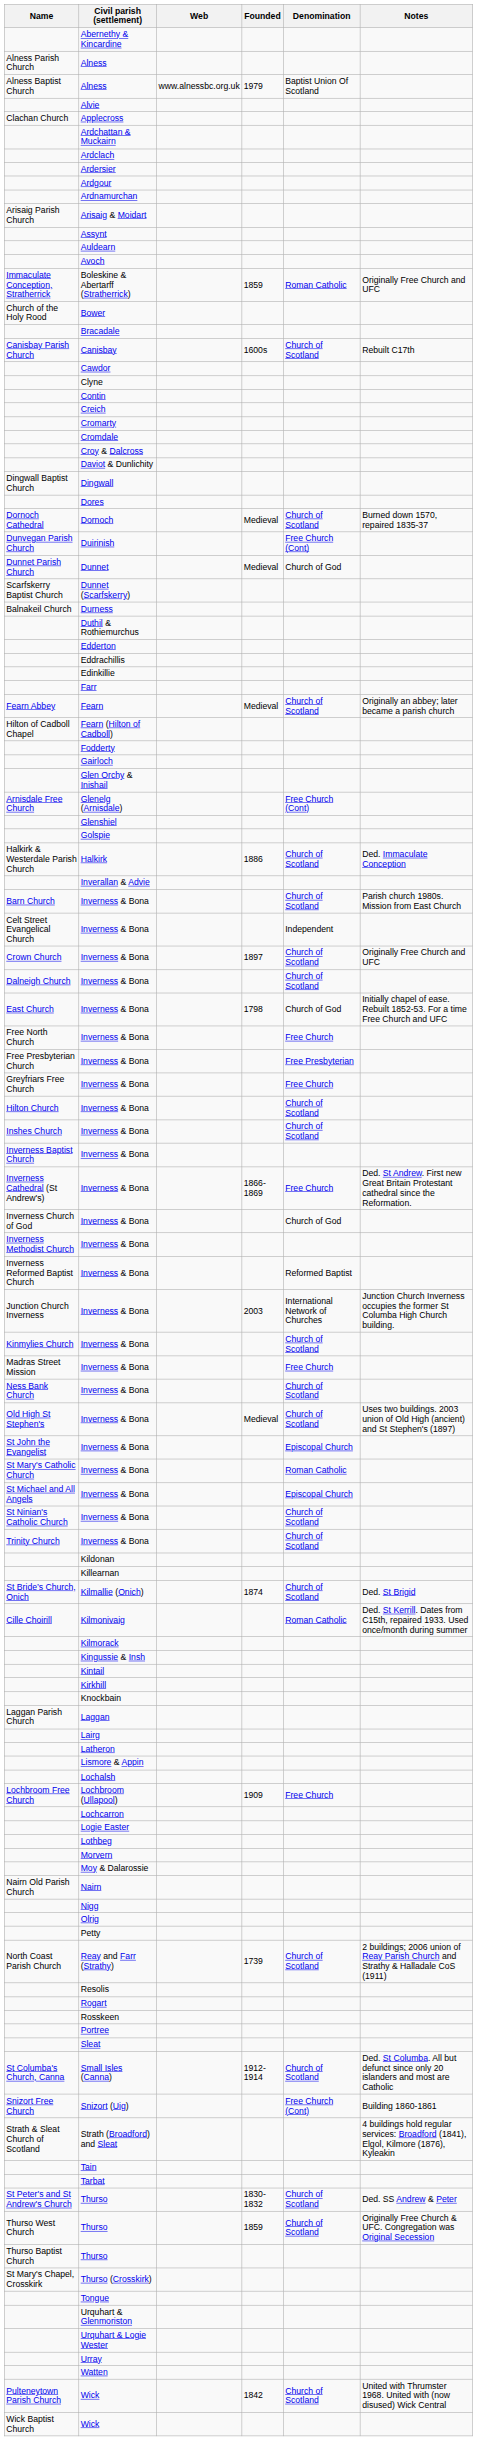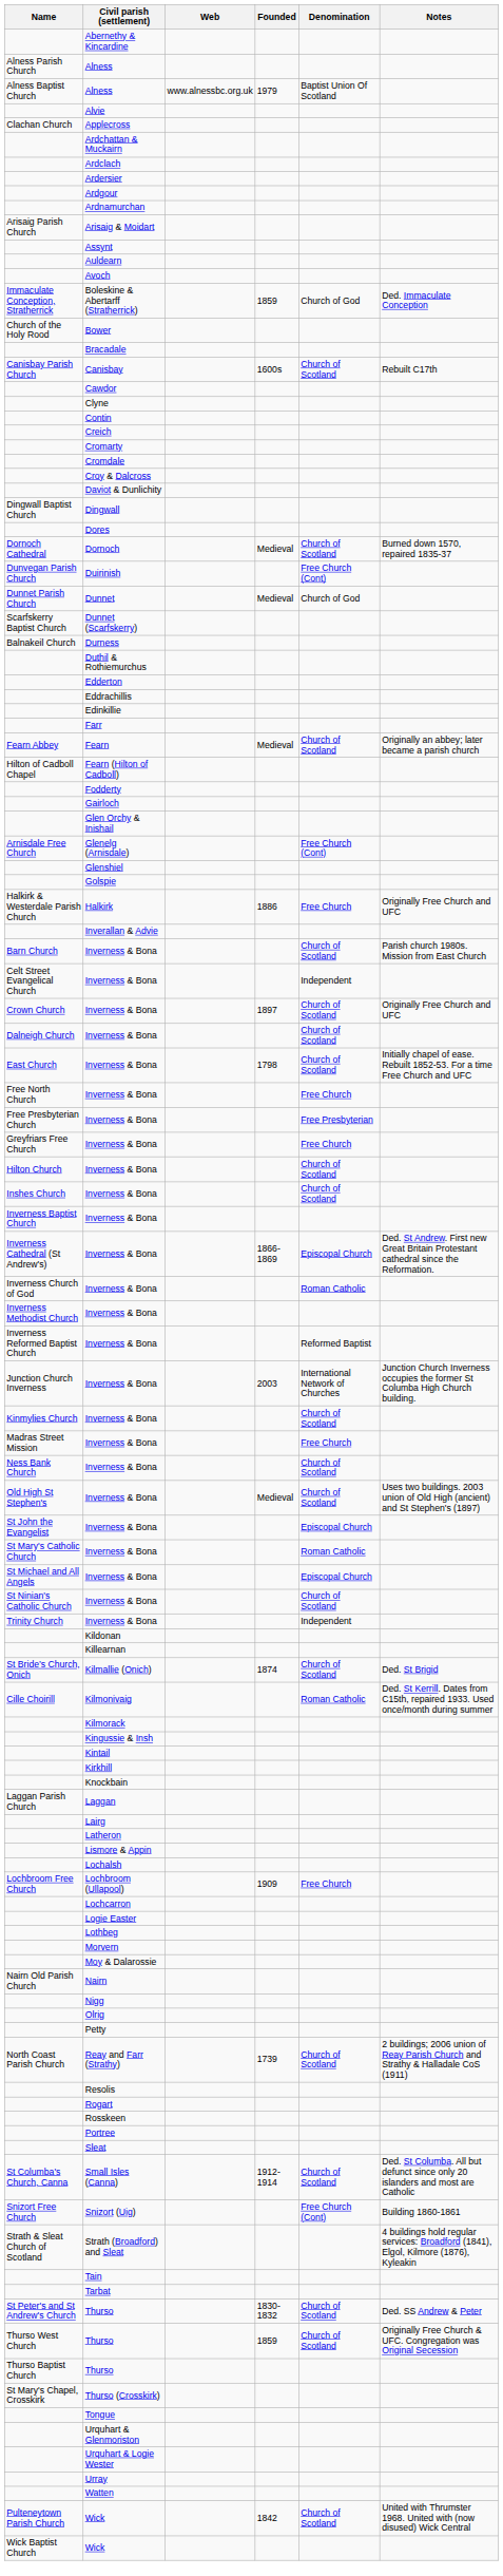 <table class="wikitable sortable">
 <tr>
 <th scope="col">Name</th>
 <th>Civil parish (settlement)</th>
 <th>Web</th>
 <th scope="col">Founded</th>
 <th scope="col">Denomination</th>
 <th>Notes</th>
 </tr>
 <tr>
 <td></td>
 <td><a href='#'>Abernethy & Kincardine</a></td>
 <td></td>
 <td></td>
 <td></td>
 <td></td>
 </tr>
 <tr>
 <td>Alness Parish Church</td>
 <td><a href='#'>Alness</a></td>
 <td></td>
 <td></td>
 <td></td>
 <td></td>
 </tr>
 <tr>
 <td>Alness Baptist Church</td>
 <td><a href='#'>Alness</a></td>
 <td>www.alnessbc.org.uk</td>
 <td>1979</td>
 <td>Baptist Union Of Scotland</td>
 <td></td>
 </tr>
 <tr>
 <td></td>
 <td><a href='#'>Alvie</a></td>
 <td></td>
 <td></td>
 <td></td>
 <td></td>
 </tr>
 <tr>
 <td>Clachan Church</td>
 <td><a href='#'>Applecross</a></td>
 <td></td>
 <td></td>
 <td></td>
 <td></td>
 </tr>
 <tr>
 <td></td>
 <td><a href='#'>Ardchattan & Muckairn</a></td>
 <td></td>
 <td></td>
 <td></td>
 <td></td>
 </tr>
 <tr>
 <td></td>
 <td><a href='#'>Ardclach</a></td>
 <td></td>
 <td></td>
 <td></td>
 <td></td>
 </tr>
 <tr>
 <td></td>
 <td><a href='#'>Ardersier</a></td>
 <td></td>
 <td></td>
 <td></td>
 <td></td>
 </tr>
 <tr>
 <td></td>
 <td><a href='#'>Ardgour</a></td>
 <td></td>
 <td></td>
 <td></td>
 <td></td>
 </tr>
 <tr>
 <td></td>
 <td><a href='#'>Ardnamurchan</a></td>
 <td></td>
 <td></td>
 <td></td>
 <td></td>
 </tr>
 <tr>
 <td>Arisaig Parish Church</td>
 <td><a href='#'>Arisaig</a> & <a href='#'>Moidart</a></td>
 <td></td>
 <td></td>
 <td></td>
 <td></td>
 </tr>
 <tr>
 <td></td>
 <td><a href='#'>Assynt</a></td>
 <td></td>
 <td></td>
 <td></td>
 <td></td>
 </tr>
 <tr>
 <td></td>
 <td><a href='#'>Auldearn</a></td>
 <td></td>
 <td></td>
 <td></td>
 <td></td>
 </tr>
 <tr>
 <td></td>
 <td><a href='#'>Avoch</a></td>
 <td></td>
 <td></td>
 <td></td>
 <td></td>
 </tr>
 <tr>
 <td><a href='#'>Immaculate Conception, Stratherrick</a></td>
 <td>Boleskine & Abertarff (<a href='#'>Stratherrick</a>)</td>
 <td></td>
 <td>1859</td>
-<td><a href='#'>Roman Catholic</a></td>
-<td>Originally Free Church and UFC</td>
+<td>Church of God</td>
+<td>Ded. <a href='#'>Immaculate Conception</a></td>
 </tr>
 <tr>
 <td>Church of the Holy Rood</td>
 <td><a href='#'>Bower</a></td>
 <td></td>
 <td></td>
 <td></td>
 <td></td>
 </tr>
 <tr>
 <td></td>
 <td><a href='#'>Bracadale</a></td>
 <td></td>
 <td></td>
 <td></td>
 <td></td>
 </tr>
 <tr>
 <td><a href='#'>Canisbay Parish Church</a></td>
 <td><a href='#'>Canisbay</a></td>
 <td></td>
 <td>1600s</td>
 <td><a href='#'>Church of Scotland</a></td>
 <td>Rebuilt C17th</td>
 </tr>
 <tr>
 <td></td>
 <td><a href='#'>Cawdor</a></td>
 <td></td>
 <td></td>
 <td></td>
 <td></td>
 </tr>
 <tr>
 <td></td>
 <td>Clyne</td>
 <td></td>
 <td></td>
 <td></td>
 <td></td>
 </tr>
 <tr>
 <td></td>
 <td><a href='#'>Contin</a></td>
 <td></td>
 <td></td>
 <td></td>
 <td></td>
 </tr>
 <tr>
 <td></td>
 <td><a href='#'>Creich</a></td>
 <td></td>
 <td></td>
 <td></td>
 <td></td>
 </tr>
 <tr>
 <td></td>
 <td><a href='#'>Cromarty</a></td>
 <td></td>
 <td></td>
 <td></td>
 <td></td>
 </tr>
 <tr>
 <td></td>
 <td><a href='#'>Cromdale</a></td>
 <td></td>
 <td></td>
 <td></td>
 <td></td>
 </tr>
 <tr>
 <td></td>
 <td><a href='#'>Croy</a> & <a href='#'>Dalcross</a></td>
 <td></td>
 <td></td>
 <td></td>
 <td></td>
 </tr>
 <tr>
 <td></td>
 <td><a href='#'>Daviot</a> & Dunlichity</td>
 <td></td>
 <td></td>
 <td></td>
 <td></td>
 </tr>
 <tr>
 <td>Dingwall Baptist Church</td>
 <td><a href='#'>Dingwall</a></td>
 <td></td>
 <td></td>
 <td></td>
 <td></td>
 </tr>
 <tr>
 <td></td>
 <td><a href='#'>Dores</a></td>
 <td></td>
 <td></td>
 <td></td>
 <td></td>
 </tr>
 <tr>
 <td><a href='#'>Dornoch Cathedral</a></td>
 <td><a href='#'>Dornoch</a></td>
 <td></td>
 <td>Medieval</td>
 <td><a href='#'>Church of Scotland</a></td>
 <td>Burned down 1570, repaired 1835-37</td>
 </tr>
 <tr>
 <td><a href='#'>Dunvegan Parish Church</a></td>
 <td><a href='#'>Duirinish</a></td>
 <td></td>
 <td></td>
 <td><a href='#'>Free Church (Cont)</a></td>
 <td></td>
 </tr>
 <tr>
 <td><a href='#'>Dunnet Parish Church</a></td>
 <td><a href='#'>Dunnet</a></td>
 <td></td>
 <td>Medieval</td>
 <td>Church of God</td>
 <td></td>
 </tr>
 <tr>
 <td>Scarfskerry Baptist Church</td>
 <td><a href='#'>Dunnet</a> (<a href='#'>Scarfskerry</a>)</td>
 <td></td>
 <td></td>
 <td></td>
 <td></td>
 </tr>
 <tr>
 <td>Balnakeil Church</td>
 <td><a href='#'>Durness</a></td>
 <td></td>
 <td></td>
 <td></td>
 <td></td>
 </tr>
 <tr>
 <td></td>
 <td><a href='#'>Duthil</a> & Rothiemurchus</td>
 <td></td>
 <td></td>
 <td></td>
 <td></td>
 </tr>
 <tr>
 <td></td>
 <td><a href='#'>Edderton</a></td>
 <td></td>
 <td></td>
 <td></td>
 <td></td>
 </tr>
 <tr>
 <td></td>
 <td>Eddrachillis</td>
 <td></td>
 <td></td>
 <td></td>
 <td></td>
 </tr>
 <tr>
 <td></td>
 <td>Edinkillie</td>
 <td></td>
 <td></td>
 <td></td>
 <td></td>
 </tr>
 <tr>
 <td></td>
 <td><a href='#'>Farr</a></td>
 <td></td>
 <td></td>
 <td></td>
 <td></td>
 </tr>
 <tr>
 <td><a href='#'>Fearn Abbey</a></td>
 <td><a href='#'>Fearn</a></td>
 <td></td>
 <td>Medieval</td>
 <td><a href='#'>Church of Scotland</a></td>
 <td>Originally an abbey; later became a parish church</td>
 </tr>
 <tr>
 <td>Hilton of Cadboll Chapel</td>
 <td><a href='#'>Fearn</a> (<a href='#'>Hilton of Cadboll</a>)</td>
 <td></td>
 <td></td>
 <td></td>
 <td></td>
 </tr>
 <tr>
 <td></td>
 <td><a href='#'>Fodderty</a></td>
 <td></td>
 <td></td>
 <td></td>
 <td></td>
 </tr>
 <tr>
 <td></td>
 <td><a href='#'>Gairloch</a></td>
 <td></td>
 <td></td>
 <td></td>
 <td></td>
 </tr>
 <tr>
 <td></td>
 <td><a href='#'>Glen Orchy</a> & <a href='#'>Inishail</a></td>
 <td></td>
 <td></td>
 <td></td>
 <td></td>
 </tr>
 <tr>
 <td><a href='#'>Arnisdale Free Church</a></td>
 <td><a href='#'>Glenelg</a> (<a href='#'>Arnisdale</a>)</td>
 <td></td>
 <td></td>
 <td><a href='#'>Free Church (Cont)</a></td>
 <td></td>
 </tr>
 <tr>
 <td></td>
 <td><a href='#'>Glenshiel</a></td>
 <td></td>
 <td></td>
 <td></td>
 <td></td>
 </tr>
 <tr>
 <td></td>
 <td><a href='#'>Golspie</a></td>
 <td></td>
 <td></td>
 <td></td>
 <td></td>
 </tr>
 <tr>
 <td>Halkirk & Westerdale Parish Church</td>
 <td><a href='#'>Halkirk</a></td>
 <td></td>
 <td>1886</td>
-<td><a href='#'>Church of Scotland</a></td>
-<td>Ded. <a href='#'>Immaculate Conception</a></td>
+<td><a href='#'>Free Church</a></td>
+<td>Originally Free Church and UFC</td>
 </tr>
 <tr>
 <td></td>
 <td><a href='#'>Inverallan</a> & <a href='#'>Advie</a></td>
 <td></td>
 <td></td>
 <td></td>
 <td></td>
 </tr>
 <tr>
 <td><a href='#'>Barn Church</a></td>
 <td><a href='#'>Inverness</a> & Bona</td>
 <td></td>
 <td></td>
 <td><a href='#'>Church of Scotland</a></td>
 <td>Parish church 1980s. Mission from East Church</td>
 </tr>
 <tr>
 <td>Celt Street Evangelical Church</td>
 <td><a href='#'>Inverness</a> & Bona</td>
 <td></td>
 <td></td>
 <td>Independent</td>
 <td></td>
 </tr>
 <tr>
 <td><a href='#'>Crown Church</a></td>
 <td><a href='#'>Inverness</a> & Bona</td>
 <td></td>
 <td>1897</td>
 <td><a href='#'>Church of Scotland</a></td>
 <td>Originally Free Church and UFC</td>
 </tr>
 <tr>
 <td><a href='#'>Dalneigh Church</a></td>
 <td><a href='#'>Inverness</a> & Bona</td>
 <td></td>
 <td></td>
 <td><a href='#'>Church of Scotland</a></td>
 <td></td>
 </tr>
 <tr>
 <td><a href='#'>East Church</a></td>
 <td><a href='#'>Inverness</a> & Bona</td>
 <td></td>
 <td>1798</td>
-<td>Church of God</td>
+<td><a href='#'>Church of Scotland</a></td>
 <td>Initially chapel of ease. Rebuilt 1852-53. For a time Free Church and UFC</td>
 </tr>
 <tr>
 <td>Free North Church</td>
 <td><a href='#'>Inverness</a> & Bona</td>
 <td></td>
 <td></td>
 <td><a href='#'>Free Church</a></td>
 <td></td>
 </tr>
 <tr>
 <td>Free Presbyterian Church</td>
 <td><a href='#'>Inverness</a> & Bona</td>
 <td></td>
 <td></td>
 <td><a href='#'>Free Presbyterian</a></td>
 <td></td>
 </tr>
 <tr>
 <td>Greyfriars Free Church</td>
 <td><a href='#'>Inverness</a> & Bona</td>
 <td></td>
 <td></td>
 <td><a href='#'>Free Church</a></td>
 <td></td>
 </tr>
 <tr>
 <td><a href='#'>Hilton Church</a></td>
 <td><a href='#'>Inverness</a> & Bona</td>
 <td></td>
 <td></td>
 <td><a href='#'>Church of Scotland</a></td>
 <td></td>
 </tr>
 <tr>
 <td><a href='#'>Inshes Church</a></td>
 <td><a href='#'>Inverness</a> & Bona</td>
 <td></td>
 <td></td>
 <td><a href='#'>Church of Scotland</a></td>
 <td></td>
 </tr>
 <tr>
 <td><a href='#'>Inverness Baptist Church</a></td>
 <td><a href='#'>Inverness</a> & Bona</td>
 <td></td>
 <td></td>
 <td></td>
 <td></td>
 </tr>
 <tr>
 <td><a href='#'>Inverness Cathedral</a> (St Andrew's)</td>
 <td><a href='#'>Inverness</a> & Bona</td>
 <td></td>
 <td>1866-1869</td>
-<td><a href='#'>Free Church</a></td>
+<td><a href='#'>Episcopal Church</a></td>
 <td>Ded. <a href='#'>St Andrew</a>. First new Great Britain Protestant cathedral since the Reformation.</td>
 </tr>
 <tr>
 <td>Inverness Church of God</td>
 <td><a href='#'>Inverness</a> & Bona</td>
 <td></td>
 <td></td>
-<td>Church of God</td>
+<td><a href='#'>Roman Catholic</a></td>
 <td></td>
 </tr>
 <tr>
 <td><a href='#'>Inverness Methodist Church</a></td>
 <td><a href='#'>Inverness</a> & Bona</td>
 <td></td>
 <td></td>
 <td></td>
 <td></td>
 </tr>
 <tr>
 <td>Inverness Reformed Baptist Church</td>
 <td><a href='#'>Inverness</a> & Bona</td>
 <td></td>
 <td></td>
 <td>Reformed Baptist</td>
 <td></td>
 </tr>
 <tr>
 <td>Junction Church Inverness</td>
 <td><a href='#'>Inverness</a> & Bona</td>
 <td></td>
 <td>2003</td>
 <td>International Network of Churches</td>
 <td>Junction Church Inverness occupies the former St Columba High Church building.</td>
 </tr>
 <tr>
 <td><a href='#'>Kinmylies Church</a></td>
 <td><a href='#'>Inverness</a> & Bona</td>
 <td></td>
 <td></td>
 <td><a href='#'>Church of Scotland</a></td>
 <td></td>
 </tr>
 <tr>
 <td>Madras Street Mission</td>
 <td><a href='#'>Inverness</a> & Bona</td>
 <td></td>
 <td></td>
 <td><a href='#'>Free Church</a></td>
 <td></td>
 </tr>
 <tr>
 <td><a href='#'>Ness Bank Church</a></td>
 <td><a href='#'>Inverness</a> & Bona</td>
 <td></td>
 <td></td>
 <td><a href='#'>Church of Scotland</a></td>
 <td></td>
 </tr>
 <tr>
 <td><a href='#'>Old High St Stephen's</a></td>
 <td><a href='#'>Inverness</a> & Bona</td>
 <td></td>
 <td>Medieval</td>
 <td><a href='#'>Church of Scotland</a></td>
 <td>Uses two buildings. 2003 union of Old High (ancient) and St Stephen's (1897)</td>
 </tr>
 <tr>
 <td><a href='#'>St John the Evangelist</a></td>
 <td><a href='#'>Inverness</a> & Bona</td>
 <td></td>
 <td></td>
 <td><a href='#'>Episcopal Church</a></td>
 <td></td>
 </tr>
 <tr>
 <td><a href='#'>St Mary's Catholic Church</a></td>
 <td><a href='#'>Inverness</a> & Bona</td>
 <td></td>
 <td></td>
 <td><a href='#'>Roman Catholic</a></td>
 <td></td>
 </tr>
 <tr>
 <td><a href='#'>St Michael and All Angels</a></td>
 <td><a href='#'>Inverness</a> & Bona</td>
 <td></td>
 <td></td>
 <td><a href='#'>Episcopal Church</a></td>
 <td></td>
 </tr>
 <tr>
 <td><a href='#'>St Ninian's Catholic Church</a></td>
 <td><a href='#'>Inverness</a> & Bona</td>
 <td></td>
 <td></td>
 <td><a href='#'>Church of Scotland</a></td>
 <td></td>
 </tr>
 <tr>
 <td><a href='#'>Trinity Church</a></td>
 <td><a href='#'>Inverness</a> & Bona</td>
 <td></td>
 <td></td>
-<td><a href='#'>Church of Scotland</a></td>
+<td>Independent</td>
 <td></td>
 </tr>
 <tr>
 <td></td>
 <td>Kildonan</td>
 <td></td>
 <td></td>
 <td></td>
 <td></td>
 </tr>
 <tr>
 <td></td>
 <td>Killearnan</td>
 <td></td>
 <td></td>
 <td></td>
 <td></td>
 </tr>
 <tr>
 <td><a href='#'>St Bride’s Church, Onich</a></td>
 <td><a href='#'>Kilmallie</a> (<a href='#'>Onich</a>)</td>
 <td></td>
 <td>1874</td>
 <td><a href='#'>Church of Scotland</a></td>
 <td>Ded. <a href='#'>St Brigid</a></td>
 </tr>
 <tr>
 <td><a href='#'>Cille Choirill</a></td>
 <td><a href='#'>Kilmonivaig</a></td>
 <td></td>
 <td></td>
 <td><a href='#'>Roman Catholic</a></td>
 <td>Ded. <a href='#'>St Kerrill</a>. Dates from C15th, repaired 1933. Used once/month during summer</td>
 </tr>
 <tr>
 <td></td>
 <td><a href='#'>Kilmorack</a></td>
 <td></td>
 <td></td>
 <td></td>
 <td></td>
 </tr>
 <tr>
 <td></td>
 <td><a href='#'>Kingussie</a> & <a href='#'>Insh</a></td>
 <td></td>
 <td></td>
 <td></td>
 <td></td>
 </tr>
 <tr>
 <td></td>
 <td><a href='#'>Kintail</a></td>
 <td></td>
 <td></td>
 <td></td>
 <td></td>
 </tr>
 <tr>
 <td></td>
 <td><a href='#'>Kirkhill</a></td>
 <td></td>
 <td></td>
 <td></td>
 <td></td>
 </tr>
 <tr>
 <td></td>
 <td>Knockbain</td>
 <td></td>
 <td></td>
 <td></td>
 <td></td>
 </tr>
 <tr>
 <td>Laggan Parish Church</td>
 <td><a href='#'>Laggan</a></td>
 <td></td>
 <td></td>
 <td></td>
 <td></td>
 </tr>
 <tr>
 <td></td>
 <td><a href='#'>Lairg</a></td>
 <td></td>
 <td></td>
 <td></td>
 <td></td>
 </tr>
 <tr>
 <td></td>
 <td><a href='#'>Latheron</a></td>
 <td></td>
 <td></td>
 <td></td>
 <td></td>
 </tr>
 <tr>
 <td></td>
 <td><a href='#'>Lismore</a> & <a href='#'>Appin</a></td>
 <td></td>
 <td></td>
 <td></td>
 <td></td>
 </tr>
 <tr>
 <td></td>
 <td><a href='#'>Lochalsh</a></td>
 <td></td>
 <td></td>
 <td></td>
 <td></td>
 </tr>
 <tr>
 <td><a href='#'>Lochbroom Free Church</a></td>
 <td><a href='#'>Lochbroom</a> (<a href='#'>Ullapool</a>)</td>
 <td></td>
 <td>1909</td>
 <td><a href='#'>Free Church</a></td>
 <td></td>
 </tr>
 <tr>
 <td></td>
 <td><a href='#'>Lochcarron</a></td>
 <td></td>
 <td></td>
 <td></td>
 <td></td>
 </tr>
 <tr>
 <td></td>
 <td><a href='#'>Logie Easter</a></td>
 <td></td>
 <td></td>
 <td></td>
 <td></td>
 </tr>
 <tr>
 <td></td>
 <td><a href='#'>Lothbeg</a></td>
 <td></td>
 <td></td>
 <td></td>
 <td></td>
 </tr>
 <tr>
 <td></td>
 <td><a href='#'>Morvern</a></td>
 <td></td>
 <td></td>
 <td></td>
 <td></td>
 </tr>
 <tr>
 <td></td>
 <td><a href='#'>Moy</a> & Dalarossie</td>
 <td></td>
 <td></td>
 <td></td>
 <td></td>
 </tr>
 <tr>
 <td>Nairn Old Parish Church</td>
 <td><a href='#'>Nairn</a></td>
 <td></td>
 <td></td>
 <td></td>
 <td></td>
 </tr>
 <tr>
 <td></td>
 <td><a href='#'>Nigg</a></td>
 <td></td>
 <td></td>
 <td></td>
 <td></td>
 </tr>
 <tr>
 <td></td>
 <td><a href='#'>Olrig</a></td>
 <td></td>
 <td></td>
 <td></td>
 <td></td>
 </tr>
 <tr>
 <td></td>
 <td>Petty</td>
 <td></td>
 <td></td>
 <td></td>
 <td></td>
 </tr>
 <tr>
 <td>North Coast Parish Church</td>
 <td><a href='#'>Reay</a> and <a href='#'>Farr</a> (<a href='#'>Strathy</a>)</td>
 <td></td>
 <td>1739</td>
 <td><a href='#'>Church of Scotland</a></td>
 <td>2 buildings; 2006 union of <a href='#'>Reay Parish Church</a> and Strathy & Halladale CoS (1911)</td>
 </tr>
 <tr>
 <td></td>
 <td>Resolis</td>
 <td></td>
 <td></td>
 <td></td>
 <td></td>
 </tr>
 <tr>
 <td></td>
 <td><a href='#'>Rogart</a></td>
 <td></td>
 <td></td>
 <td></td>
 <td></td>
 </tr>
 <tr>
 <td></td>
 <td>Rosskeen</td>
 <td></td>
 <td></td>
 <td></td>
 <td></td>
 </tr>
 <tr>
 <td></td>
 <td><a href='#'>Portree</a></td>
 <td></td>
 <td></td>
 <td></td>
 <td></td>
 </tr>
 <tr>
 <td></td>
 <td><a href='#'>Sleat</a></td>
 <td></td>
 <td></td>
 <td></td>
 <td></td>
 </tr>
 <tr>
 <td><a href='#'>St Columba's Church, Canna</a></td>
 <td><a href='#'>Small Isles</a> (<a href='#'>Canna</a>)</td>
 <td></td>
 <td>1912-1914</td>
 <td><a href='#'>Church of Scotland</a></td>
 <td>Ded. <a href='#'>St Columba</a>. All but defunct since only 20 islanders and most are Catholic</td>
 </tr>
 <tr>
 <td><a href='#'>Snizort Free Church</a></td>
 <td><a href='#'>Snizort</a> (<a href='#'>Uig</a>)</td>
 <td></td>
 <td></td>
 <td><a href='#'>Free Church (Cont)</a></td>
 <td>Building 1860-1861</td>
 </tr>
 <tr>
 <td>Strath & Sleat Church of Scotland</td>
 <td>Strath (<a href='#'>Broadford</a>) and <a href='#'>Sleat</a></td>
 <td></td>
 <td></td>
 <td></td>
 <td>4 buildings hold regular services: <a href='#'>Broadford</a> (1841), Elgol, Kilmore (1876), Kyleakin</td>
 </tr>
 <tr>
 <td></td>
 <td><a href='#'>Tain</a></td>
 <td></td>
 <td></td>
 <td></td>
 <td></td>
 </tr>
 <tr>
 <td></td>
 <td><a href='#'>Tarbat</a></td>
 <td></td>
 <td></td>
 <td></td>
 <td></td>
 </tr>
 <tr>
 <td><a href='#'>St Peter's and St Andrew's Church</a></td>
 <td><a href='#'>Thurso</a></td>
 <td></td>
 <td>1830-1832</td>
 <td><a href='#'>Church of Scotland</a></td>
 <td>Ded. SS <a href='#'>Andrew</a> & <a href='#'>Peter</a></td>
 </tr>
 <tr>
 <td>Thurso West Church</td>
 <td><a href='#'>Thurso</a></td>
 <td></td>
 <td>1859</td>
 <td><a href='#'>Church of Scotland</a></td>
 <td>Originally Free Church & UFC. Congregation was <a href='#'>Original Secession</a></td>
 </tr>
 <tr>
 <td>Thurso Baptist Church</td>
 <td><a href='#'>Thurso</a></td>
 <td></td>
 <td></td>
 <td></td>
 <td></td>
 </tr>
 <tr>
 <td>St Mary's Chapel, Crosskirk</td>
 <td><a href='#'>Thurso</a> (<a href='#'>Crosskirk</a>)</td>
 <td></td>
 <td></td>
 <td></td>
 <td></td>
 </tr>
 <tr>
 <td></td>
 <td><a href='#'>Tongue</a></td>
 <td></td>
 <td></td>
 <td></td>
 <td></td>
 </tr>
 <tr>
 <td></td>
 <td>Urquhart & <a href='#'>Glenmoriston</a></td>
 <td></td>
 <td></td>
 <td></td>
 <td></td>
 </tr>
 <tr>
 <td></td>
 <td><a href='#'>Urquhart & Logie Wester</a></td>
 <td></td>
 <td></td>
 <td></td>
 <td></td>
 </tr>
 <tr>
 <td></td>
 <td><a href='#'>Urray</a></td>
 <td></td>
 <td></td>
 <td></td>
 <td></td>
 </tr>
 <tr>
 <td></td>
 <td><a href='#'>Watten</a></td>
 <td></td>
 <td></td>
 <td></td>
 <td></td>
 </tr>
 <tr>
 <td><a href='#'>Pulteneytown Parish Church</a></td>
 <td><a href='#'>Wick</a></td>
 <td></td>
 <td>1842</td>
 <td><a href='#'>Church of Scotland</a></td>
 <td>United with Thrumster 1968. United with (now disused) Wick Central</td>
 </tr>
 <tr>
 <td>Wick Baptist Church</td>
 <td><a href='#'>Wick</a></td>
 <td></td>
 <td></td>
 <td></td>
 <td></td>
 </tr>
 </table>
